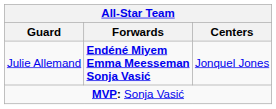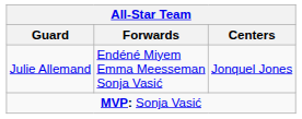 <table class=wikitable style="margin:auto">
 <tr>
 <th colspan=3 align=center><a href='#'>All-Star Team</a></th>
 </tr>
 <tr>
 <th>Guard</th>
 <th>Forwards</th>
 <th>Centers</th>
 </tr>
 <tr>
 <td> <a href='#'>Julie Allemand</a></td>
-<td valign=center><strong> <a href='#'>Endéné Miyem</a><br> <a href='#'>Emma Meesseman</a><br>  <a href='#'>Sonja Vasić</a></strong></td>
+<td valign=center> <a href='#'>Endéné Miyem</a><br> <a href='#'>Emma Meesseman</a><br>  <a href='#'>Sonja Vasić</a></td>
 <td> <a href='#'>Jonquel Jones</a></td>
 </tr>
 <tr>
 <td colspan=3 align=center><strong><a href='#'>MVP</a>:</strong>  <a href='#'>Sonja Vasić</a></td>
 </tr>
 </table>
